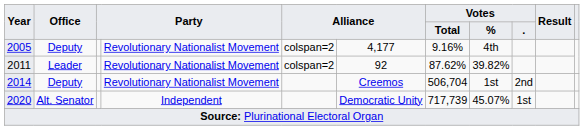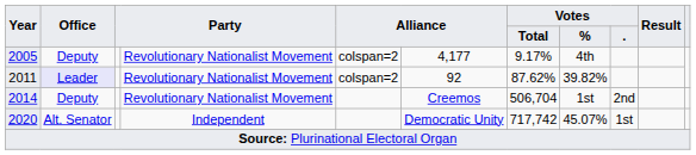 <table class="wikitable" style="font-size:90%; text-align:center;">
 <tr>
 <th style="background-color:#EAECF0;" rowspan=2>Year</th>
 <th style="background-color:#EAECF0;" rowspan=2>Office</th>
 <th style="background-color:#EAECF0;" colspan=2 rowspan=2>Party</th>
 <th style="background-color:#EAECF0;" colspan=2 rowspan=2>Alliance</th>
 <th style="background-color:#EAECF0;" colspan=3>Votes</th>
 <th style="background-color:#EAECF0;" rowspan=2>Result</th>
 <th style="background-color:#EAECF0;" rowspan=2></th>
 </tr>
 <tr>
 <th style="background-color:#EAECF0;">Total</th>
 <th style="background-color:#EAECF0;">%</th>
 <th style="background-color:#EAECF0;">.</th>
 </tr>
 <tr>
 <td style="background-color:#EAECF0;"><a href='#'>2005</a></td>
 <td><a href='#'>Deputy</a></td>
 <td style="background-color:"></td>
 <td><a href='#'>Revolutionary Nationalist Movement</a></td>
 <td>colspan=2 </td>
 <td>4,177</td>
-<td>9.16%</td>
+<td>9.17%</td>
 <td>4th</td>
 <td></td>
 <td></td>
 </tr>
 <tr>
 <td style="background-color:#EAECF0;">2011</td>
-<td><a href='#'>Leader</a></td>
+<td style="background: lavender;"><a href='#'>Leader</a></td>
 <td style="background-color:"></td>
 <td><a href='#'>Revolutionary Nationalist Movement</a></td>
 <td>colspan=2 </td>
 <td>92</td>
 <td>87.62%</td>
 <td>39.82%</td>
 <td></td>
 <td></td>
 </tr>
 <tr>
 <td style="background-color:#EAECF0;"><a href='#'>2014</a></td>
 <td><a href='#'>Deputy</a></td>
 <td style="background-color:"></td>
 <td><a href='#'>Revolutionary Nationalist Movement</a></td>
 <td style="background-color:"></td>
 <td><a href='#'>Creemos</a></td>
 <td>506,704</td>
 <td>1st</td>
 <td>2nd</td>
 <td></td>
 <td></td>
 </tr>
 <tr>
 <td style="background-color:#EAECF0;"><a href='#'>2020</a></td>
 <td><a href='#'>Alt. Senator</a></td>
 <td style="background-color:"></td>
 <td><a href='#'>Independent</a></td>
 <td style="background-color:"></td>
 <td><a href='#'>Democratic Unity</a></td>
-<td>717,739</td>
+<td>717,742</td>
 <td>45.07%</td>
 <td>1st</td>
 <td></td>
 <td></td>
 </tr>
 <tr>
 <td style="background-color:#EAECF0;" colspan=11><strong>Source:</strong> <a href='#'>Plurinational Electoral Organ</a>  </td>
 </tr>
 </table>
